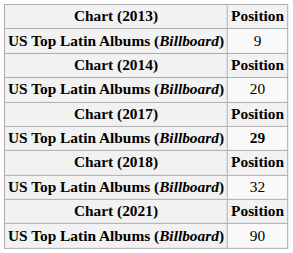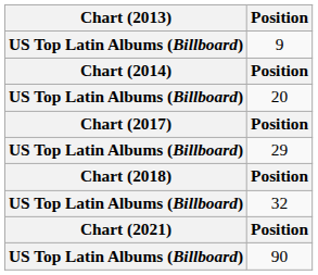 <table class="wikitable plainrowheaders" style="text-align:center">
 <tr>
 <th scope="col">Chart (2013)</th>
 <th scope="col">Position</th>
 </tr>
 <tr>
 <th scope="row">US Top Latin Albums (<em>Billboard</em>)</th>
 <td>9</td>
 </tr>
 <tr>
 <th scope="col">Chart (2014)</th>
 <th scope="col">Position</th>
 </tr>
 <tr>
 <th scope="row">US Top Latin Albums (<em>Billboard</em>)</th>
 <td>20</td>
 </tr>
 <tr>
 <th scope="col">Chart (2017)</th>
 <th scope="col">Position</th>
 </tr>
 <tr>
 <th scope="row">US Top Latin Albums (<em>Billboard</em>)</th>
-<td><strong>29</strong></td>
+<td>29</td>
 </tr>
 <tr>
 <th scope="col">Chart (2018)</th>
 <th scope="col">Position</th>
 </tr>
 <tr>
 <th scope="row">US Top Latin Albums (<em>Billboard</em>)</th>
 <td>32</td>
 </tr>
 <tr>
 <th scope="col">Chart (2021)</th>
 <th scope="col">Position</th>
 </tr>
 <tr>
 <th scope="row">US Top Latin Albums (<em>Billboard</em>)</th>
 <td>90</td>
 </tr>
 </table>
